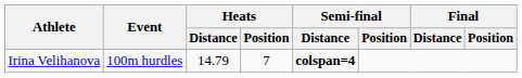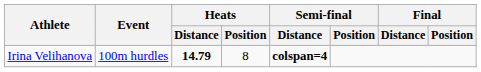 <table class=wikitable style="font-size:90%">
 <tr>
 <th rowspan="2">Athlete</th>
 <th rowspan="2">Event</th>
 <th colspan="2">Heats</th>
 <th colspan="2">Semi-final</th>
 <th colspan="2">Final</th>
 </tr>
 <tr style="font-size:95%">
 <th>Distance</th>
 <th>Position</th>
 <th>Distance</th>
 <th>Position</th>
 <th>Distance</th>
 <th>Position</th>
 </tr>
 <tr style=text-align:center>
 <td style=text-align:left><a href='#'>Irina Velihanova</a></td>
 <td style=text-align:left rowspan=2><a href='#'>100m hurdles</a></td>
-<td>14.79</td>
-<td>7</td>
+<td><strong>14.79</strong></td>
+<td>8</td>
 <td><strong>colspan=4 </strong></td>
 </tr>
 </table>
